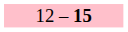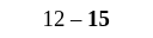 <table style="text-align:center">
 <tr>
 <th width=200></th>
 <th width=100></th>
 <th width=200></th>
 </tr>
 <tr>
 <td align=right></td>
-<td style="background: pink;">12 – <strong>15</strong></td>
+<td>12 – <strong>15</strong></td>
 <td align=left><strong></strong></td>
 </tr>
 </table>
